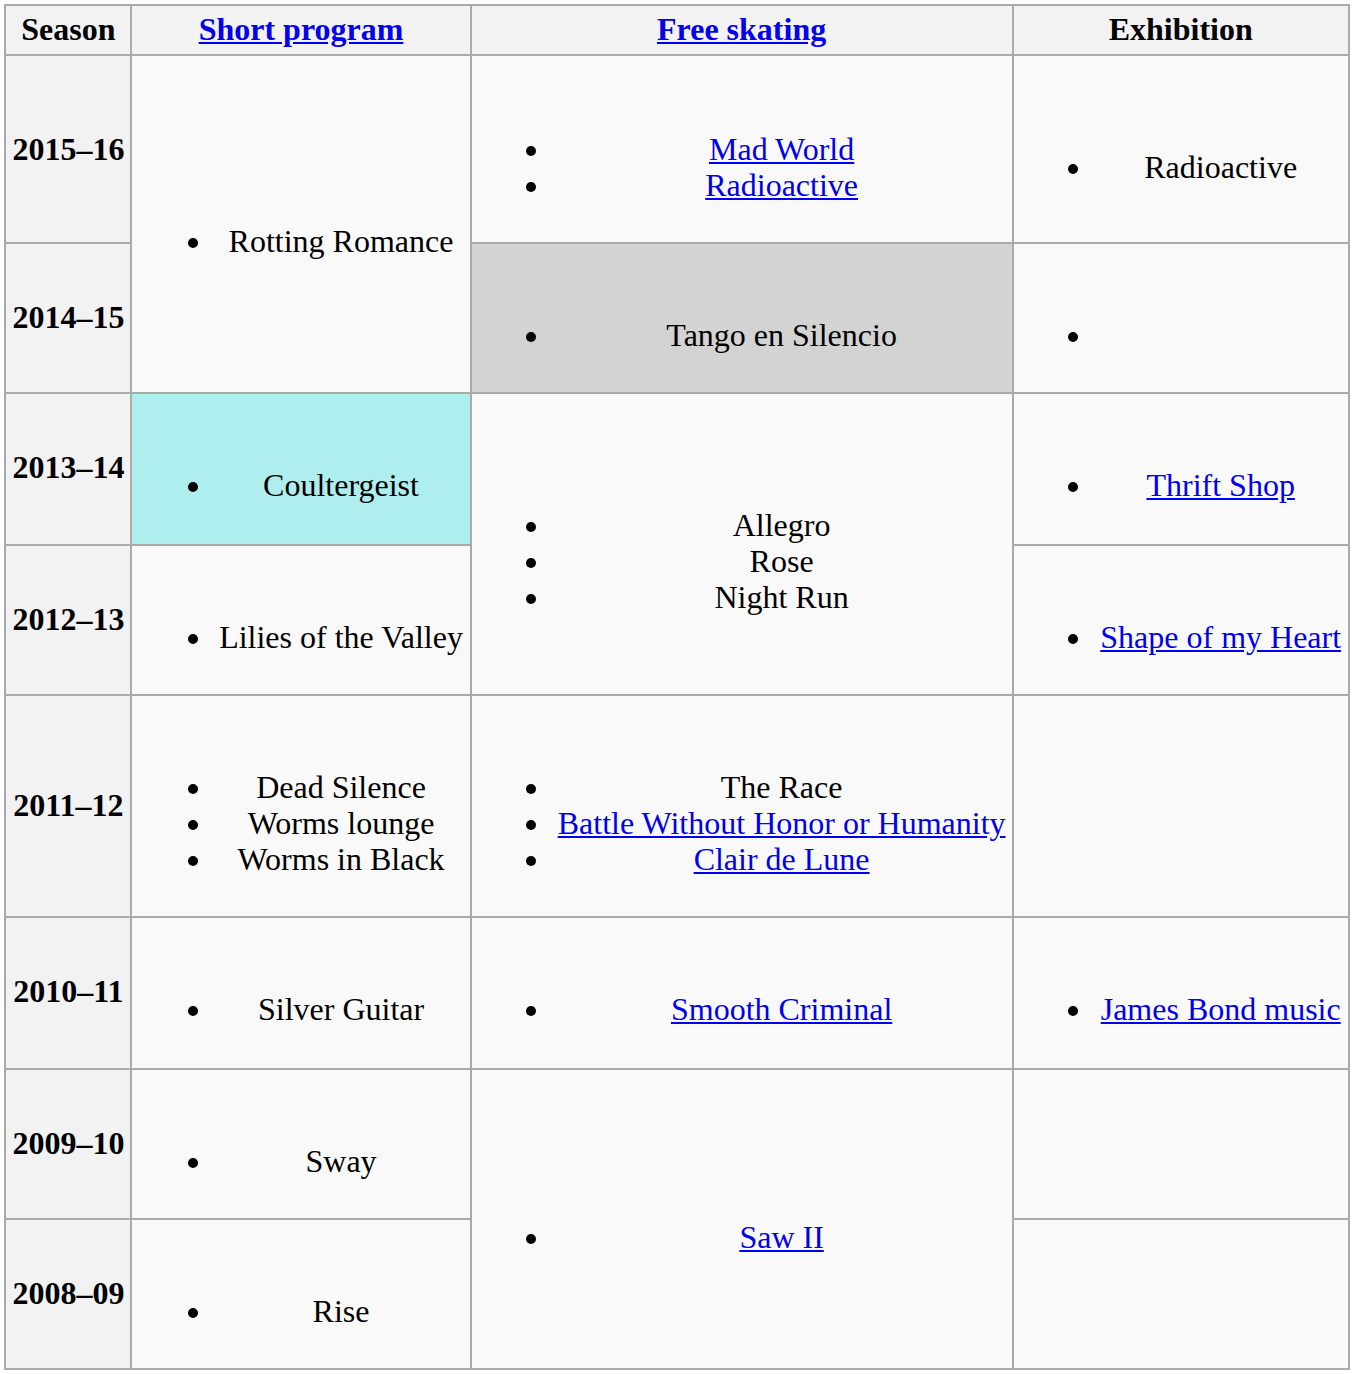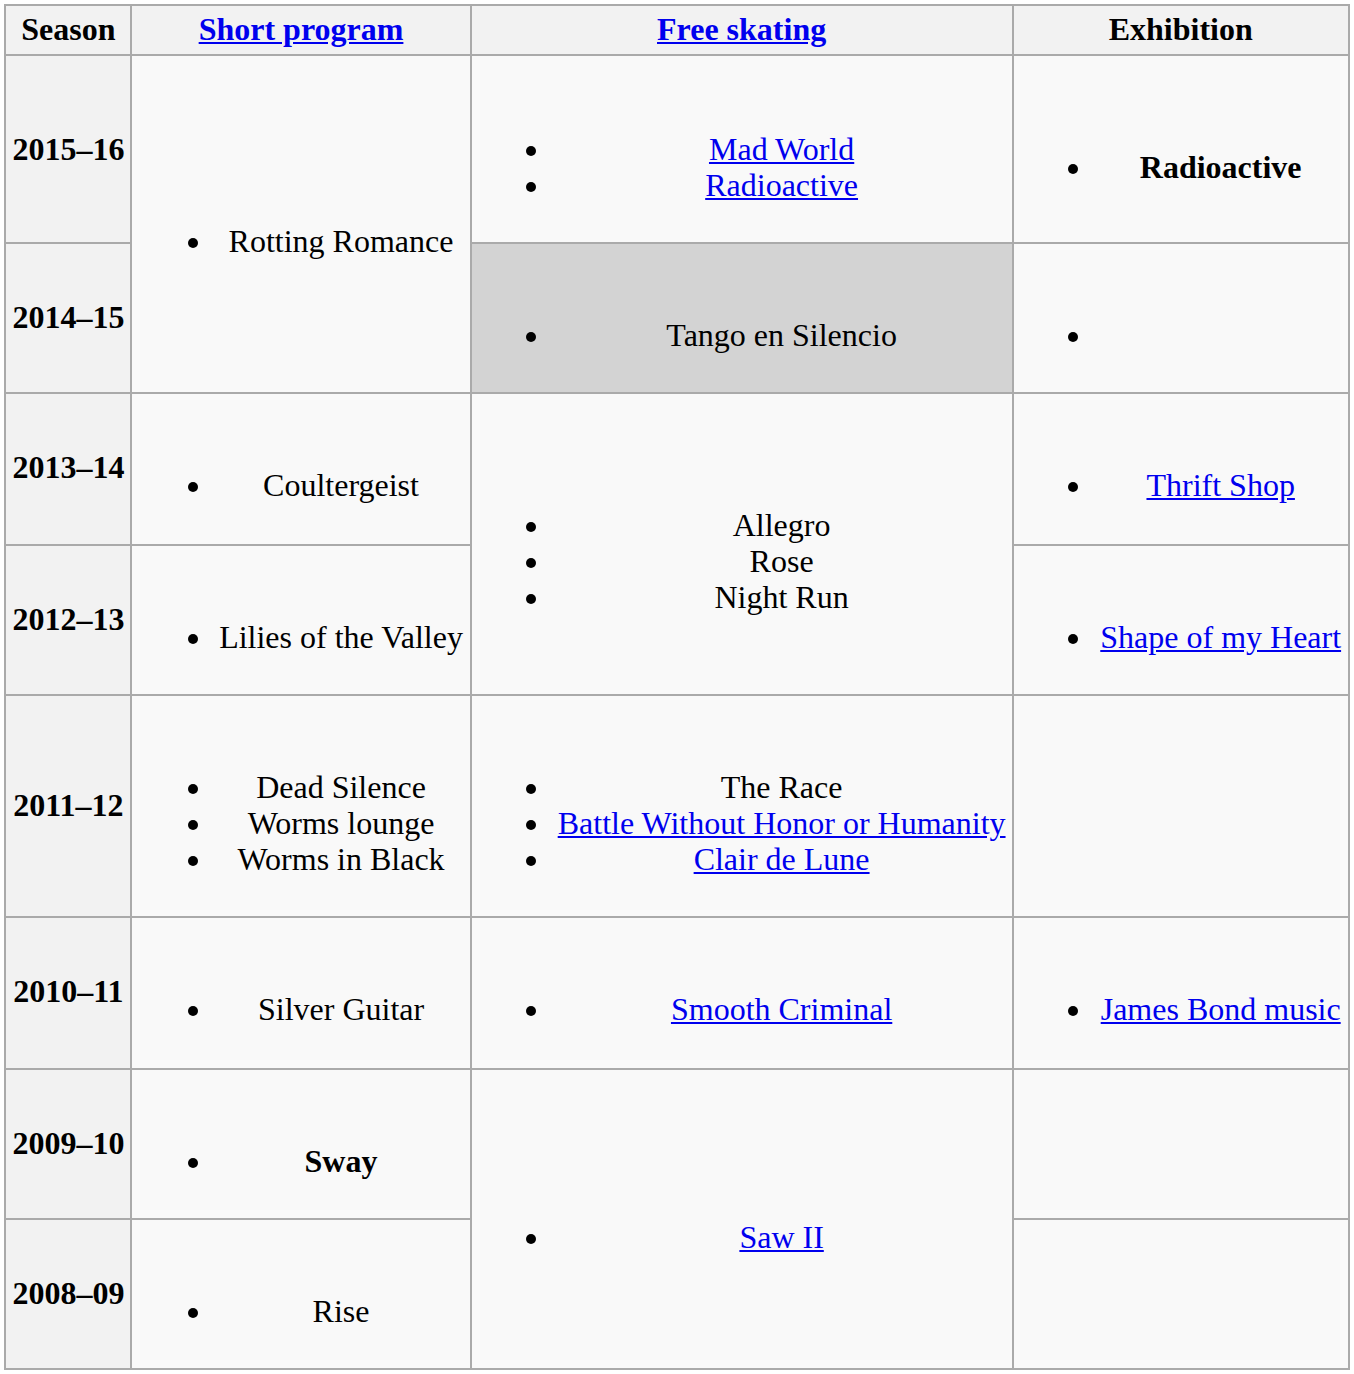 <table class="wikitable" style="text-align:center">
 <tr>
 <th>Season</th>
 <th><a href='#'>Short program</a></th>
 <th><a href='#'>Free skating</a></th>
 <th>Exhibition</th>
 </tr>
 <tr>
 <th>2015–16 <br> </th>
 <td rowspan=2><br><ul><li>Rotting Romance <br></li></ul></td>
 <td><br><ul><li><a href='#'>Mad World</a> <br></li><li><a href='#'>Radioactive</a> <br></li></ul></td>
-<td><br><ul><li>Radioactive <br></li></ul></td>
+<td><strong><br><ul><li>Radioactive <br></li></ul></strong></td>
 </tr>
 <tr>
 <th>2014–15 <br> </th>
 <td style="background: lightgrey;"><br><ul><li>Tango en Silencio <br></li></ul></td>
 <td><br><ul><li></li></ul></td>
 </tr>
 <tr>
 <th>2013–14 <br> </th>
-<td style="background: paleturquoise;"><br><ul><li>Coultergeist <br></li></ul></td>
+<td><br><ul><li>Coultergeist <br></li></ul></td>
 <td rowspan=2><br><ul><li>Allegro</li><li>Rose</li><li>Night Run <br></li></ul></td>
 <td><br><ul><li><a href='#'>Thrift Shop</a> <br></li></ul></td>
 </tr>
 <tr>
 <th>2012–13 <br> </th>
 <td><br><ul><li>Lilies of the Valley <br></li></ul></td>
 <td><br><ul><li><a href='#'>Shape of my Heart</a> <br></li></ul></td>
 </tr>
 <tr>
 <th>2011–12 <br> </th>
 <td><br><ul><li>Dead Silence <br></li><li>Worms lounge <br></li><li>Worms in Black <br></li></ul></td>
 <td><br><ul><li>The Race <br></li><li><a href='#'>Battle Without Honor or Humanity</a> <br></li><li><a href='#'>Clair de Lune</a> <br></li></ul></td>
 <td></td>
 </tr>
 <tr>
 <th>2010–11 <br> </th>
 <td><br><ul><li>Silver Guitar <br></li></ul></td>
 <td><br><ul><li><a href='#'>Smooth Criminal</a> <br></li></ul></td>
 <td><br><ul><li><a href='#'>James Bond music</a></li></ul></td>
 </tr>
 <tr>
 <th>2009–10 <br> </th>
-<td><br><ul><li>Sway</li></ul></td>
+<td><strong><br><ul><li>Sway</li></ul></strong></td>
 <td rowspan=2><br><ul><li><a href='#'>Saw II</a> <br></li></ul></td>
 <td></td>
 </tr>
 <tr>
 <th>2008–09 <br> </th>
 <td><br><ul><li>Rise <br></li></ul></td>
 <td></td>
 </tr>
 </table>
